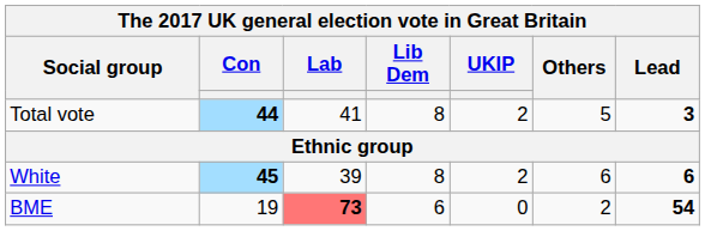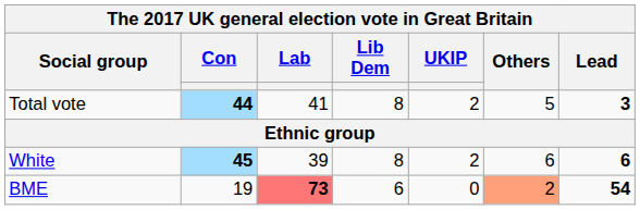 <table class=wikitable>
 <tr>
 <th colspan="10">The 2017 UK general election vote in Great Britain</th>
 </tr>
 <tr>
 <th style="width:150px;" rowspan="2">Social group</th>
 <th style="width:60px;" class="unsortable"><a href='#'>Con</a></th>
 <th style="width:60px;" class="unsortable"><a href='#'>Lab</a></th>
 <th style="width:60px;" class="unsortable"><a href='#'>Lib Dem</a></th>
 <th style="width:60px;" class="unsortable"><a href='#'>UKIP</a></th>
 <th style="width:60px;" rowspan="2" class="unsortable">Others</th>
 <th style="width:60px;" rowspan="2" class="unsortable">Lead</th>
 </tr>
 <tr>
 <th class="unsortable" style="color:inherit;background:"></th>
 <th class="unsortable" style="color:inherit;background:"></th>
 <th class="unsortable" style="color:inherit;background:"></th>
 <th class="unsortable" style="color:inherit;background:"></th>
 </tr>
 <tr>
 <td>Total vote</td>
 <td style="text-align:right; background:#A2DDFF;"><strong>44</strong></td>
 <td style="text-align:right;">41</td>
 <td style="text-align:right;">8</td>
 <td style="text-align:right;">2</td>
 <td style="text-align:right;">5</td>
 <td style="text-align:right; background:"><strong>3</strong></td>
 </tr>
 <tr>
 <th colspan=9>Ethnic group</th>
 </tr>
 <tr>
 <td><a href='#'>White</a></td>
 <td style="text-align:right; background:#A3DEFF;"><strong>45</strong></td>
 <td style="text-align:right;">39</td>
 <td style="text-align:right;">8</td>
 <td style="text-align:right;">2</td>
 <td style="text-align:right;">6</td>
 <td style="text-align:right; background:"><strong>6</strong></td>
 </tr>
 <tr>
 <td><a href='#'>BME</a></td>
 <td style="text-align:right;">19</td>
 <td style="text-align:right; background:#FF7676;"><strong>73</strong></td>
 <td style="text-align:right;">6</td>
 <td style="text-align:right;">0</td>
-<td style="text-align:right;">2</td>
+<td style="background: lightsalmon; text-align:right;">2</td>
 <td style="text-align:right; background:"><strong>54</strong></td>
 </tr>
 </table>
